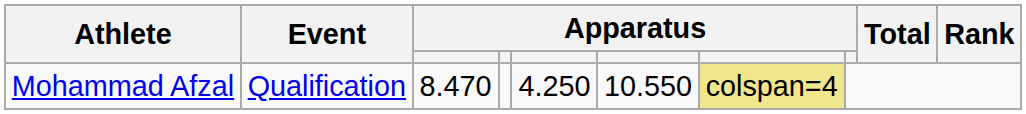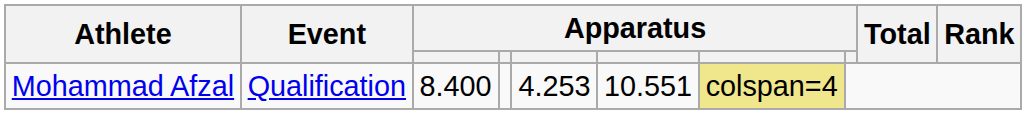 <table class="wikitable" style="font-size:90%; text-align:center">
 <tr>
 <th rowspan=2>Athlete</th>
 <th rowspan=2>Event</th>
 <th colspan=6>Apparatus</th>
 <th rowspan=2>Total</th>
 <th rowspan=2>Rank</th>
 </tr>
 <tr style="font-size:95%">
 <th></th>
 <th></th>
 <th></th>
 <th></th>
 <th></th>
 <th></th>
 </tr>
 <tr>
 <td align=left><a href='#'>Mohammad Afzal</a></td>
 <td align=left><a href='#'>Qualification</a></td>
-<td>8.470</td>
+<td>8.400</td>
 <td></td>
-<td>4.250</td>
-<td>10.550</td>
+<td>4.253</td>
+<td>10.551</td>
 <td style="background: khaki;">colspan=4 </td>
 </tr>
 </table>
